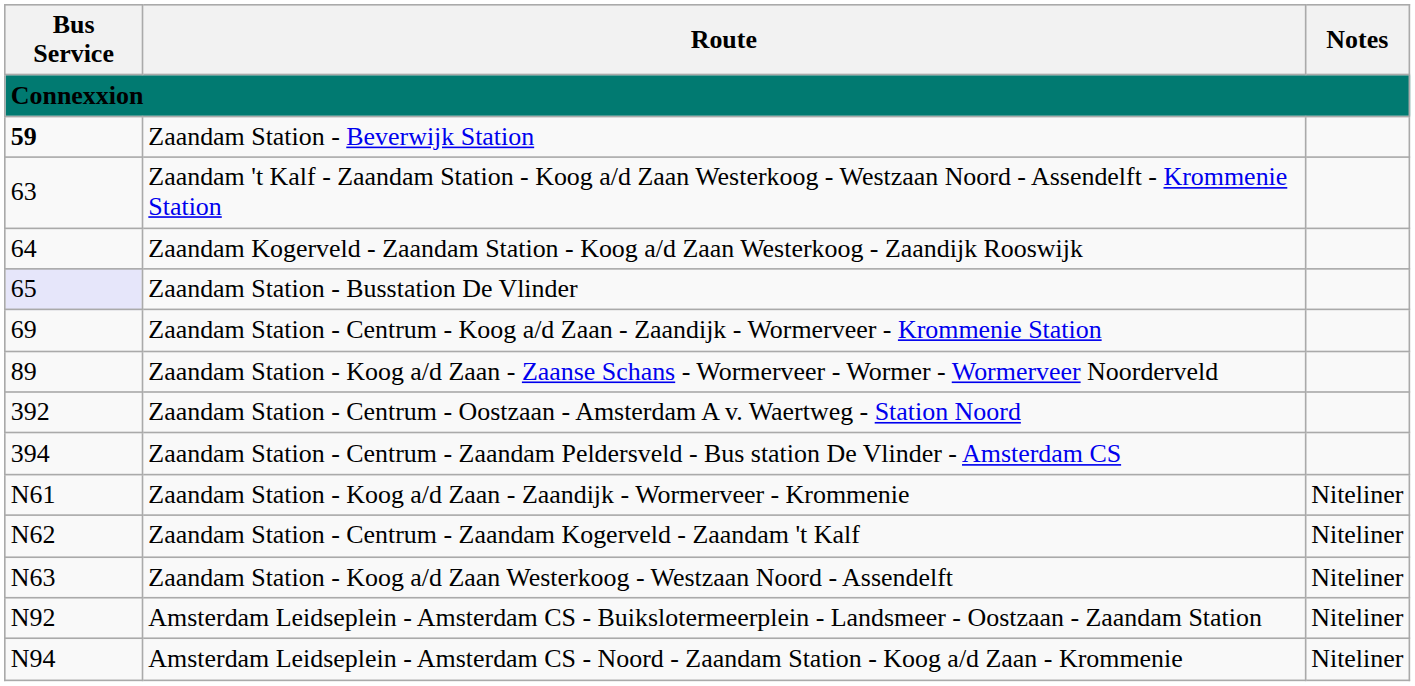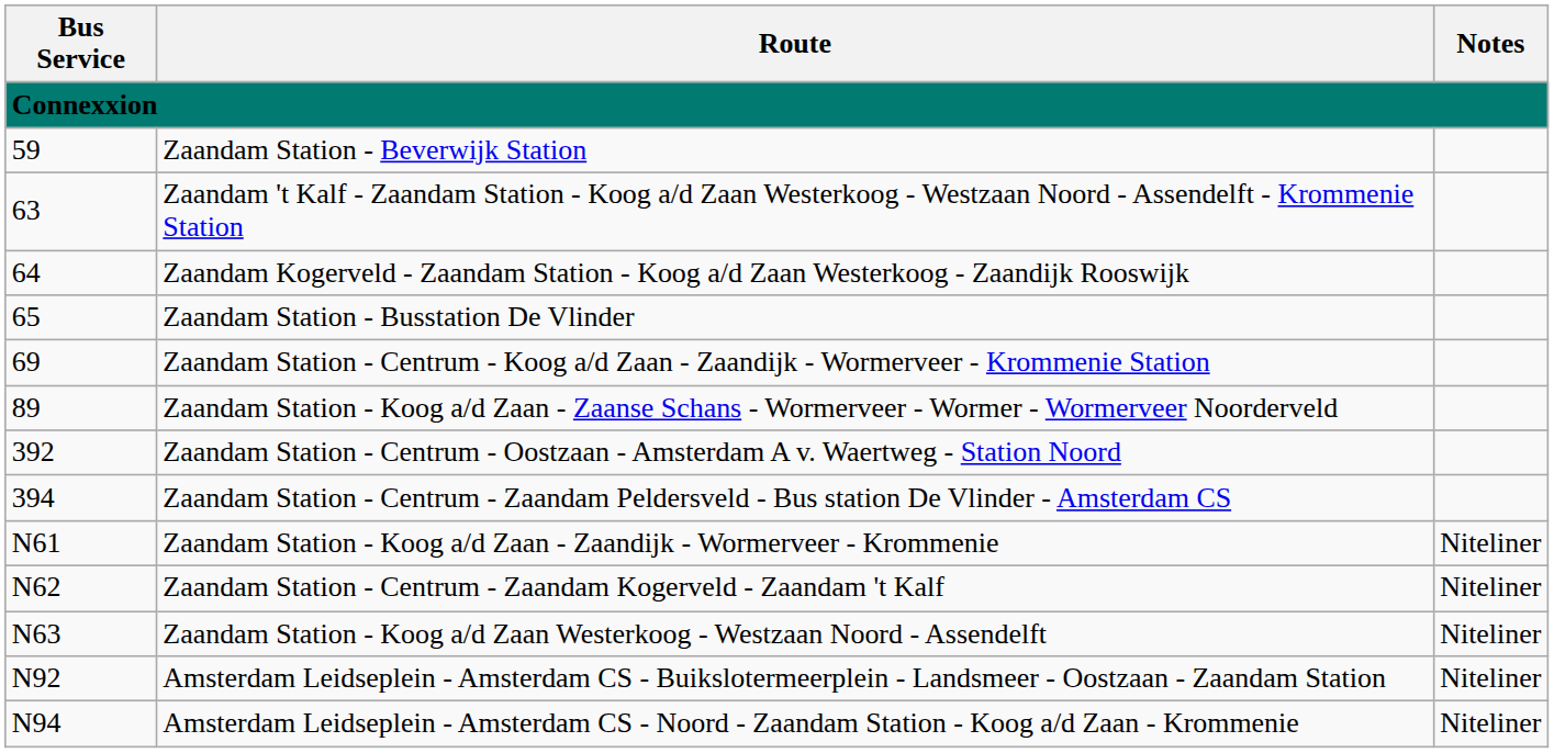 <table class="wikitable vatop">
 <tr>
 <th>Bus Service</th>
 <th>Route</th>
 <th>Notes</th>
 </tr>
 <tr>
 <td colspan="7" style="background-color:#017A71;"><strong><span>Connexxion</span></strong></td>
 </tr>
 <tr>
-<td><strong>59</strong></td>
+<td>59</td>
 <td>Zaandam Station - <a href='#'>Beverwijk Station</a></td>
 <td></td>
 </tr>
 <tr>
 <td>63</td>
 <td>Zaandam 't Kalf - Zaandam Station - Koog a/d Zaan Westerkoog - Westzaan Noord - Assendelft - <a href='#'>Krommenie Station</a></td>
 <td></td>
 </tr>
 <tr>
 <td>64</td>
 <td>Zaandam Kogerveld - Zaandam Station - Koog a/d Zaan Westerkoog - Zaandijk Rooswijk</td>
 <td></td>
 </tr>
 <tr>
-<td style="background: lavender;">65</td>
+<td>65</td>
 <td>Zaandam Station - Busstation De Vlinder</td>
 <td></td>
 </tr>
 <tr>
 <td>69</td>
 <td>Zaandam Station - Centrum - Koog a/d Zaan - Zaandijk - Wormerveer - <a href='#'>Krommenie Station</a></td>
 <td></td>
 </tr>
 <tr>
 <td>89</td>
 <td>Zaandam Station - Koog a/d Zaan - <a href='#'>Zaanse Schans</a> - Wormerveer - Wormer - <a href='#'>Wormerveer</a> Noorderveld</td>
 <td></td>
 </tr>
 <tr>
 <td>392</td>
 <td>Zaandam Station - Centrum - Oostzaan - Amsterdam A v. Waertweg - <a href='#'>Station Noord</a></td>
 <td></td>
 </tr>
 <tr>
 <td>394</td>
 <td>Zaandam Station - Centrum - Zaandam Peldersveld - Bus station De Vlinder - <a href='#'>Amsterdam CS</a></td>
 <td></td>
 </tr>
 <tr>
 <td>N61</td>
 <td>Zaandam Station - Koog a/d Zaan - Zaandijk - Wormerveer - Krommenie</td>
 <td>Niteliner</td>
 </tr>
 <tr>
 <td>N62</td>
 <td>Zaandam Station - Centrum - Zaandam Kogerveld - Zaandam 't Kalf</td>
 <td>Niteliner</td>
 </tr>
 <tr>
 <td>N63</td>
 <td>Zaandam Station - Koog a/d Zaan Westerkoog - Westzaan Noord - Assendelft</td>
 <td>Niteliner</td>
 </tr>
 <tr>
 <td>N92</td>
 <td>Amsterdam Leidseplein - Amsterdam CS - Buikslotermeerplein - Landsmeer - Oostzaan - Zaandam Station</td>
 <td>Niteliner</td>
 </tr>
 <tr>
 <td>N94</td>
 <td>Amsterdam Leidseplein - Amsterdam CS - Noord - Zaandam Station - Koog a/d Zaan - Krommenie</td>
 <td>Niteliner</td>
 </tr>
 </table>
